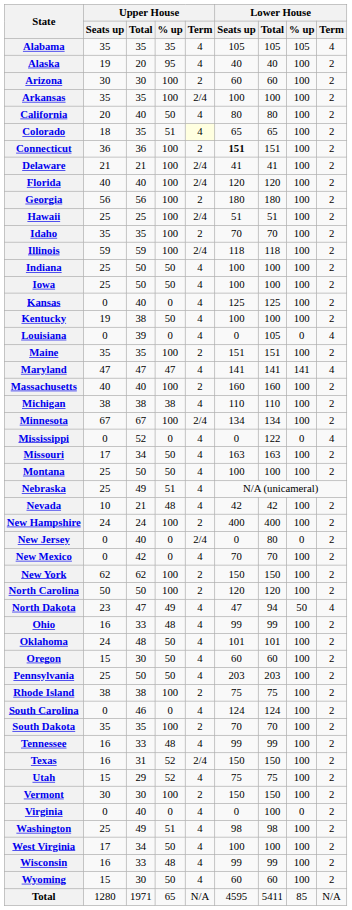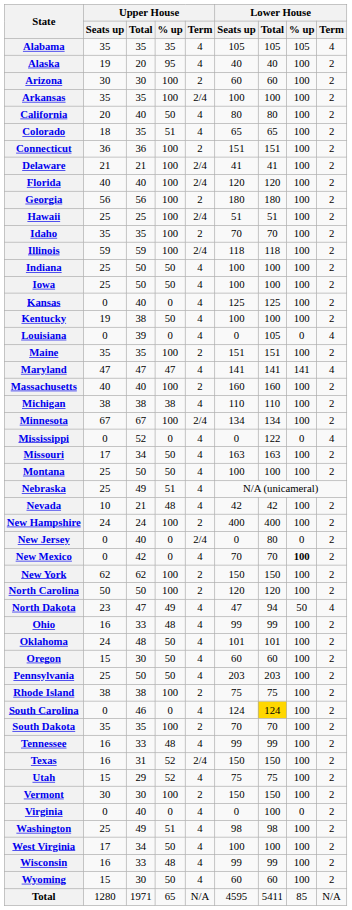 <table class="wikitable sortable plainrowheaders" style="text-align: center;">
 <tr>
 <th rowspan=2>State</th>
 <th colspan=4>Upper House</th>
 <th colspan=4>Lower House</th>
 </tr>
 <tr>
 <th>Seats up</th>
 <th>Total</th>
 <th>% up</th>
 <th>Term</th>
 <th>Seats up</th>
 <th>Total</th>
 <th>% up</th>
 <th>Term</th>
 </tr>
 <tr>
 <th scope="row"><a href='#'>Alabama</a></th>
 <td>35</td>
 <td>35</td>
 <td>35</td>
 <td>4</td>
 <td>105</td>
 <td>105</td>
 <td>105</td>
 <td>4</td>
 </tr>
 <tr>
 <th scope="row"><a href='#'>Alaska</a></th>
 <td>19</td>
 <td>20</td>
 <td>95</td>
 <td>4</td>
 <td>40</td>
 <td>40</td>
 <td>100</td>
 <td>2</td>
 </tr>
 <tr>
 <th scope="row"><a href='#'>Arizona</a></th>
 <td>30</td>
 <td>30</td>
 <td>100</td>
 <td>2</td>
 <td>60</td>
 <td>60</td>
 <td>100</td>
 <td>2</td>
 </tr>
 <tr>
 <th scope="row"><a href='#'>Arkansas</a></th>
 <td>35</td>
 <td>35</td>
 <td>100</td>
 <td>2/4</td>
 <td>100</td>
 <td>100</td>
 <td>100</td>
 <td>2</td>
 </tr>
 <tr>
 <th scope="row"><a href='#'>California</a></th>
 <td>20</td>
 <td>40</td>
 <td>50</td>
 <td>4</td>
 <td>80</td>
 <td>80</td>
 <td>100</td>
 <td>2</td>
 </tr>
 <tr>
 <th scope="row"><a href='#'>Colorado</a></th>
 <td>18</td>
 <td>35</td>
 <td>51</td>
-<td style="background: lightyellow;">4</td>
+<td>4</td>
 <td>65</td>
 <td>65</td>
 <td>100</td>
 <td>2</td>
 </tr>
 <tr>
 <th scope="row"><a href='#'>Connecticut</a></th>
 <td>36</td>
 <td>36</td>
 <td>100</td>
 <td>2</td>
-<td><strong>151</strong></td>
+<td>151</td>
 <td>151</td>
 <td>100</td>
 <td>2</td>
 </tr>
 <tr>
 <th scope="row"><a href='#'>Delaware</a></th>
 <td>21</td>
 <td>21</td>
 <td>100</td>
 <td>2/4</td>
 <td>41</td>
 <td>41</td>
 <td>100</td>
 <td>2</td>
 </tr>
 <tr>
 <th scope="row"><a href='#'>Florida</a></th>
 <td>40</td>
 <td>40</td>
 <td>100</td>
 <td>2/4</td>
 <td>120</td>
 <td>120</td>
 <td>100</td>
 <td>2</td>
 </tr>
 <tr>
 <th scope="row"><a href='#'>Georgia</a></th>
 <td>56</td>
 <td>56</td>
 <td>100</td>
 <td>2</td>
 <td>180</td>
 <td>180</td>
 <td>100</td>
 <td>2</td>
 </tr>
 <tr>
 <th scope="row"><a href='#'>Hawaii</a></th>
 <td>25</td>
 <td>25</td>
 <td>100</td>
 <td>2/4</td>
 <td>51</td>
 <td>51</td>
 <td>100</td>
 <td>2</td>
 </tr>
 <tr>
 <th scope="row"><a href='#'>Idaho</a></th>
 <td>35</td>
 <td>35</td>
 <td>100</td>
 <td>2</td>
 <td>70</td>
 <td>70</td>
 <td>100</td>
 <td>2</td>
 </tr>
 <tr>
 <th scope="row"><a href='#'>Illinois</a></th>
 <td>59</td>
 <td>59</td>
 <td>100</td>
 <td>2/4</td>
 <td>118</td>
 <td>118</td>
 <td>100</td>
 <td>2</td>
 </tr>
 <tr>
 <th scope="row"><a href='#'>Indiana</a></th>
 <td>25</td>
 <td>50</td>
 <td>50</td>
 <td>4</td>
 <td>100</td>
 <td>100</td>
 <td>100</td>
 <td>2</td>
 </tr>
 <tr>
 <th scope="row"><a href='#'>Iowa</a></th>
 <td>25</td>
 <td>50</td>
 <td>50</td>
 <td>4</td>
 <td>100</td>
 <td>100</td>
 <td>100</td>
 <td>2</td>
 </tr>
 <tr>
 <th scope="row"><a href='#'>Kansas</a></th>
 <td>0</td>
 <td>40</td>
 <td>0</td>
 <td>4</td>
 <td>125</td>
 <td>125</td>
 <td>100</td>
 <td>2</td>
 </tr>
 <tr>
 <th scope="row"><a href='#'>Kentucky</a></th>
 <td>19</td>
 <td>38</td>
 <td>50</td>
 <td>4</td>
 <td>100</td>
 <td>100</td>
 <td>100</td>
 <td>2</td>
 </tr>
 <tr>
 <th scope="row"><a href='#'>Louisiana</a></th>
 <td>0</td>
 <td>39</td>
 <td>0</td>
 <td>4</td>
 <td>0</td>
 <td>105</td>
 <td>0</td>
 <td>4</td>
 </tr>
 <tr>
 <th scope="row"><a href='#'>Maine</a></th>
 <td>35</td>
 <td>35</td>
 <td>100</td>
 <td>2</td>
 <td>151</td>
 <td>151</td>
 <td>100</td>
 <td>2</td>
 </tr>
 <tr>
 <th scope="row"><a href='#'>Maryland</a></th>
 <td>47</td>
 <td>47</td>
 <td>47</td>
 <td>4</td>
 <td>141</td>
 <td>141</td>
 <td>141</td>
 <td>4</td>
 </tr>
 <tr>
 <th scope="row"><a href='#'>Massachusetts</a></th>
 <td>40</td>
 <td>40</td>
 <td>100</td>
 <td>2</td>
 <td>160</td>
 <td>160</td>
 <td>100</td>
 <td>2</td>
 </tr>
 <tr>
 <th scope="row"><a href='#'>Michigan</a></th>
 <td>38</td>
 <td>38</td>
 <td>38</td>
 <td>4</td>
 <td>110</td>
 <td>110</td>
 <td>100</td>
 <td>2</td>
 </tr>
 <tr>
 <th scope="row"><a href='#'>Minnesota</a></th>
 <td>67</td>
 <td>67</td>
 <td>100</td>
 <td>2/4</td>
 <td>134</td>
 <td>134</td>
 <td>100</td>
 <td>2</td>
 </tr>
 <tr>
 <th scope="row"><a href='#'>Mississippi</a></th>
 <td>0</td>
 <td>52</td>
 <td>0</td>
 <td>4</td>
 <td>0</td>
 <td>122</td>
 <td>0</td>
 <td>4</td>
 </tr>
 <tr>
 <th scope="row"><a href='#'>Missouri</a></th>
 <td>17</td>
 <td>34</td>
 <td>50</td>
 <td>4</td>
 <td>163</td>
 <td>163</td>
 <td>100</td>
 <td>2</td>
 </tr>
 <tr>
 <th scope="row"><a href='#'>Montana</a></th>
 <td>25</td>
 <td>50</td>
 <td>50</td>
 <td>4</td>
 <td>100</td>
 <td>100</td>
 <td>100</td>
 <td>2</td>
 </tr>
 <tr>
 <th scope="row"><a href='#'>Nebraska</a></th>
 <td>25</td>
 <td>49</td>
 <td>51</td>
 <td>4</td>
 <td colspan=4>N/A (unicameral)</td>
 </tr>
 <tr>
 <th scope="row"><a href='#'>Nevada</a></th>
 <td>10</td>
 <td>21</td>
 <td>48</td>
 <td>4</td>
 <td>42</td>
 <td>42</td>
 <td>100</td>
 <td>2</td>
 </tr>
 <tr>
 <th scope="row"><a href='#'>New Hampshire</a></th>
 <td>24</td>
 <td>24</td>
 <td>100</td>
 <td>2</td>
 <td>400</td>
 <td>400</td>
 <td>100</td>
 <td>2</td>
 </tr>
 <tr>
 <th scope="row"><a href='#'>New Jersey</a></th>
 <td>0</td>
 <td>40</td>
 <td>0</td>
 <td>2/4</td>
 <td>0</td>
 <td>80</td>
 <td>0</td>
 <td>2</td>
 </tr>
 <tr>
 <th scope="row"><a href='#'>New Mexico</a></th>
 <td>0</td>
 <td>42</td>
 <td>0</td>
 <td>4</td>
 <td>70</td>
 <td>70</td>
-<td>100</td>
+<td><strong>100</strong></td>
 <td>2</td>
 </tr>
 <tr>
 <th scope="row"><a href='#'>New York</a></th>
 <td>62</td>
 <td>62</td>
 <td>100</td>
 <td>2</td>
 <td>150</td>
 <td>150</td>
 <td>100</td>
 <td>2</td>
 </tr>
 <tr>
 <th scope="row"><a href='#'>North Carolina</a></th>
 <td>50</td>
 <td>50</td>
 <td>100</td>
 <td>2</td>
 <td>120</td>
 <td>120</td>
 <td>100</td>
 <td>2</td>
 </tr>
 <tr>
 <th scope="row"><a href='#'>North Dakota</a></th>
 <td>23</td>
 <td>47</td>
 <td>49</td>
 <td>4</td>
 <td>47</td>
 <td>94</td>
 <td>50</td>
 <td>4</td>
 </tr>
 <tr>
 <th scope="row"><a href='#'>Ohio</a></th>
 <td>16</td>
 <td>33</td>
 <td>48</td>
 <td>4</td>
 <td>99</td>
 <td>99</td>
 <td>100</td>
 <td>2</td>
 </tr>
 <tr>
 <th scope="row"><a href='#'>Oklahoma</a></th>
 <td>24</td>
 <td>48</td>
 <td>50</td>
 <td>4</td>
 <td>101</td>
 <td>101</td>
 <td>100</td>
 <td>2</td>
 </tr>
 <tr>
 <th scope="row"><a href='#'>Oregon</a></th>
 <td>15</td>
 <td>30</td>
 <td>50</td>
 <td>4</td>
 <td>60</td>
 <td>60</td>
 <td>100</td>
 <td>2</td>
 </tr>
 <tr>
 <th scope="row"><a href='#'>Pennsylvania</a></th>
 <td>25</td>
 <td>50</td>
 <td>50</td>
 <td>4</td>
 <td>203</td>
 <td>203</td>
 <td>100</td>
 <td>2</td>
 </tr>
 <tr>
 <th scope="row"><a href='#'>Rhode Island</a></th>
 <td>38</td>
 <td>38</td>
 <td>100</td>
 <td>2</td>
 <td>75</td>
 <td>75</td>
 <td>100</td>
 <td>2</td>
 </tr>
 <tr>
 <th scope="row"><a href='#'>South Carolina</a></th>
 <td>0</td>
 <td>46</td>
 <td>0</td>
 <td>4</td>
 <td>124</td>
-<td>124</td>
+<td style="background: gold;">124</td>
 <td>100</td>
 <td>2</td>
 </tr>
 <tr>
 <th scope="row"><a href='#'>South Dakota</a></th>
 <td>35</td>
 <td>35</td>
 <td>100</td>
 <td>2</td>
 <td>70</td>
 <td>70</td>
 <td>100</td>
 <td>2</td>
 </tr>
 <tr>
 <th scope="row"><a href='#'>Tennessee</a></th>
 <td>16</td>
 <td>33</td>
 <td>48</td>
 <td>4</td>
 <td>99</td>
 <td>99</td>
 <td>100</td>
 <td>2</td>
 </tr>
 <tr>
 <th scope="row"><a href='#'>Texas</a></th>
 <td>16</td>
 <td>31</td>
 <td>52</td>
 <td>2/4</td>
 <td>150</td>
 <td>150</td>
 <td>100</td>
 <td>2</td>
 </tr>
 <tr>
 <th scope="row"><a href='#'>Utah</a></th>
 <td>15</td>
 <td>29</td>
 <td>52</td>
 <td>4</td>
 <td>75</td>
 <td>75</td>
 <td>100</td>
 <td>2</td>
 </tr>
 <tr>
 <th scope="row"><a href='#'>Vermont</a></th>
 <td>30</td>
 <td>30</td>
 <td>100</td>
 <td>2</td>
 <td>150</td>
 <td>150</td>
 <td>100</td>
 <td>2</td>
 </tr>
 <tr>
 <th scope="row"><a href='#'>Virginia</a></th>
 <td>0</td>
 <td>40</td>
 <td>0</td>
 <td>4</td>
 <td>0</td>
 <td>100</td>
 <td>0</td>
 <td>2</td>
 </tr>
 <tr>
 <th scope="row"><a href='#'>Washington</a></th>
 <td>25</td>
 <td>49</td>
 <td>51</td>
 <td>4</td>
 <td>98</td>
 <td>98</td>
 <td>100</td>
 <td>2</td>
 </tr>
 <tr>
 <th scope="row"><a href='#'>West Virginia</a></th>
 <td>17</td>
 <td>34</td>
 <td>50</td>
 <td>4</td>
 <td>100</td>
 <td>100</td>
 <td>100</td>
 <td>2</td>
 </tr>
 <tr>
 <th scope="row"><a href='#'>Wisconsin</a></th>
 <td>16</td>
 <td>33</td>
 <td>48</td>
 <td>4</td>
 <td>99</td>
 <td>99</td>
 <td>100</td>
 <td>2</td>
 </tr>
 <tr>
 <th scope="row"><a href='#'>Wyoming</a></th>
 <td>15</td>
 <td>30</td>
 <td>50</td>
 <td>4</td>
 <td>60</td>
 <td>60</td>
 <td>100</td>
 <td>2</td>
 </tr>
 <tr class="sortbottom" |>
 <th scope="row">Total</th>
 <td>1280</td>
 <td>1971</td>
 <td>65</td>
 <td>N/A</td>
 <td>4595</td>
 <td>5411</td>
 <td>85</td>
 <td>N/A</td>
 </tr>
 </table>
